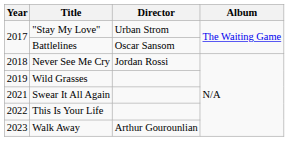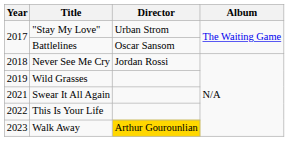 <table class="wikitable">
 <tr>
 <th>Year</th>
 <th>Title</th>
 <th>Director</th>
 <th>Album</th>
 </tr>
 <tr>
 <td rowspan="2">2017</td>
 <td scope="row">"Stay My Love"</td>
 <td>Urban Strom</td>
 <td rowspan="2"><a href='#'>The Waiting Game</a></td>
 </tr>
 <tr>
 <td>Battlelines</td>
 <td>Oscar Sansom</td>
 </tr>
 <tr>
 <td>2018</td>
 <td>Never See Me Cry</td>
 <td>Jordan Rossi</td>
 <td rowspan="5">N/A</td>
 </tr>
 <tr>
 <td>2019</td>
 <td>Wild Grasses</td>
 <td></td>
 </tr>
 <tr>
 <td>2021</td>
 <td>Swear It All Again</td>
 <td></td>
 </tr>
 <tr>
 <td>2022</td>
 <td>This Is Your Life</td>
 <td></td>
 </tr>
 <tr>
 <td>2023</td>
 <td>Walk Away</td>
-<td>Arthur Gourounlian</td>
+<td style="background: gold;">Arthur Gourounlian</td>
 </tr>
 </table>
